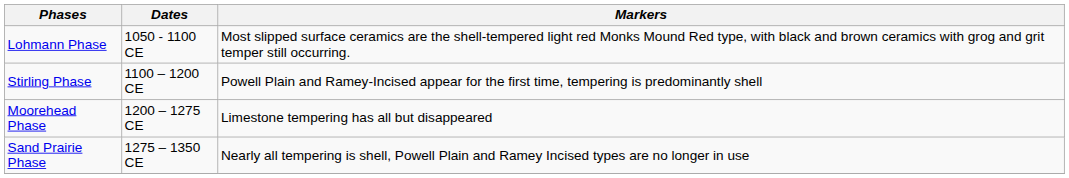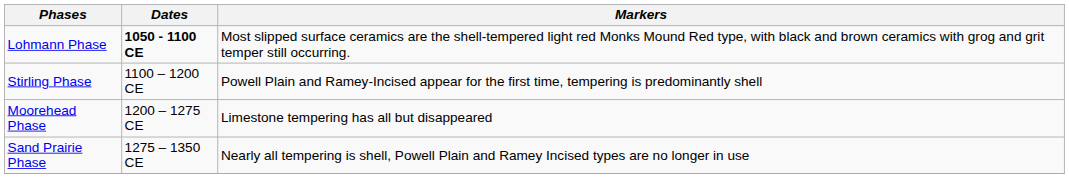 <table class="wikitable">
 <tr>
 <th><em>Phases</em></th>
 <th><em>Dates</em></th>
 <th><em>Markers</em></th>
 </tr>
 <tr>
 <td rowspan="1"><a href='#'>Lohmann Phase</a></td>
-<td>1050 - 1100 CE</td>
+<td><strong>1050 - 1100 CE</strong></td>
 <td>Most slipped surface ceramics are the shell-tempered light red Monks Mound Red type, with black and brown ceramics with grog and grit temper still occurring.</td>
 </tr>
 <tr>
 <td rowspan="1"><a href='#'>Stirling Phase</a></td>
 <td>1100 – 1200 CE</td>
 <td>Powell Plain and Ramey-Incised appear for the first time, tempering is predominantly shell</td>
 </tr>
 <tr>
 <td rowspan=1><a href='#'>Moorehead Phase</a></td>
 <td>1200 – 1275 CE</td>
 <td>Limestone tempering has all but disappeared</td>
 </tr>
 <tr>
 <td rowspan=1><a href='#'>Sand Prairie Phase</a></td>
 <td>1275 – 1350 CE</td>
 <td>Nearly all tempering is shell, Powell Plain and Ramey Incised types are no longer in use</td>
 </tr>
 <tr>
 </tr>
 </table>
